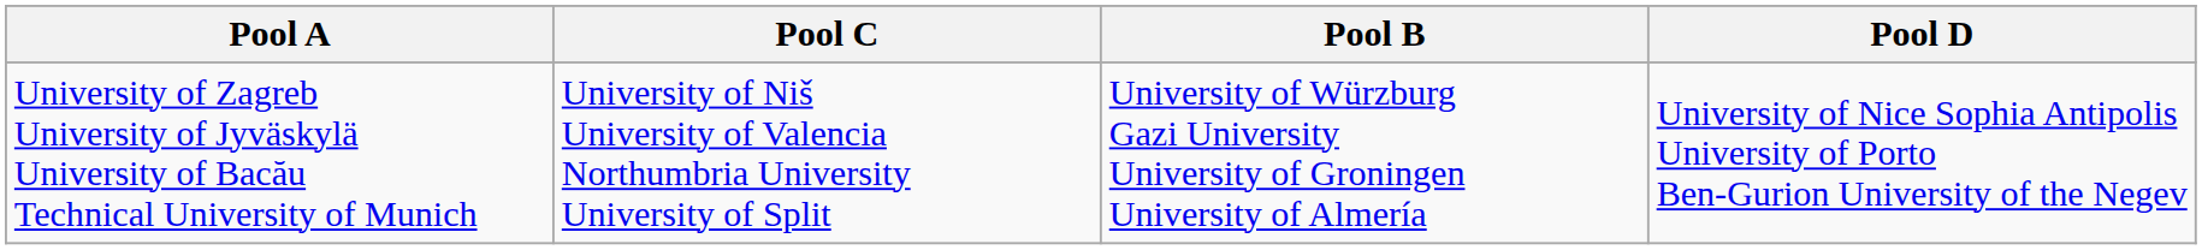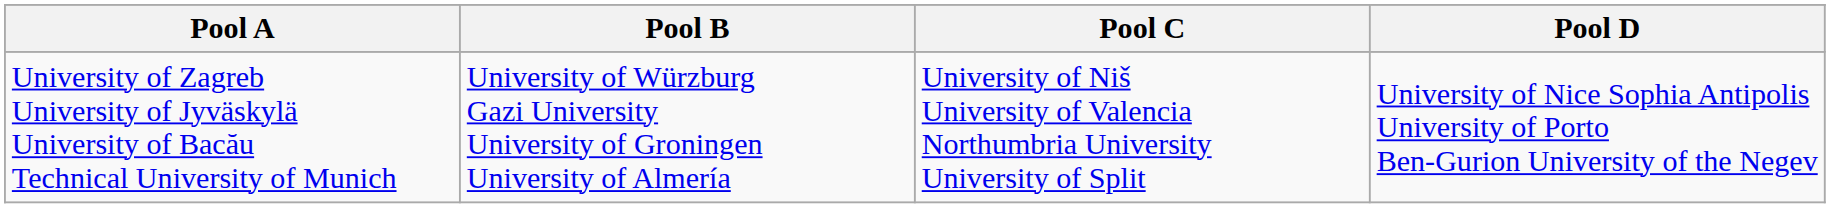 <table class="wikitable" style="white-space:nowrap;">
 <tr>
 <th width=25%>Pool A</th>
+<th width=25%>Pool B</th>
 <th width=25%>Pool C</th>
-<th width=25%>Pool B</th>
 <th width=25%>Pool D</th>
 </tr>
 <tr>
 <td> <a href='#'>University of Zagreb</a><br> <a href='#'>University of Jyväskylä</a><br> <a href='#'>University of Bacău</a><br> <a href='#'>Technical University of Munich</a></td>
+<td> <a href='#'>University of Würzburg</a><br> <a href='#'>Gazi University</a><br> <a href='#'>University of Groningen</a><br> <a href='#'>University of Almería</a></td>
 <td> <a href='#'>University of Niš</a><br> <a href='#'>University of Valencia</a><br> <a href='#'>Northumbria University</a><br> <a href='#'>University of Split</a></td>
-<td> <a href='#'>University of Würzburg</a><br> <a href='#'>Gazi University</a><br> <a href='#'>University of Groningen</a><br> <a href='#'>University of Almería</a></td>
 <td> <a href='#'>University of Nice Sophia Antipolis</a><br> <a href='#'>University of Porto</a><br> <a href='#'>Ben-Gurion University of the Negev</a></td>
 </tr>
 </table>
